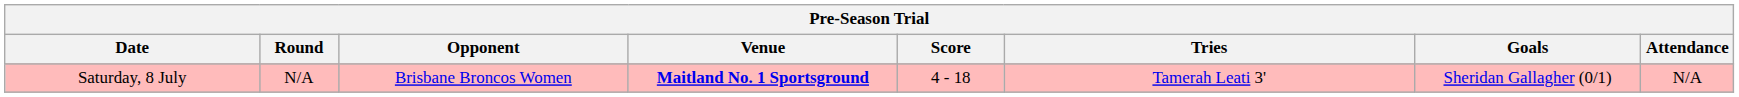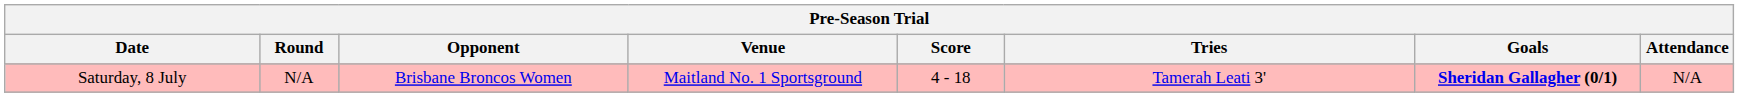 <table class="wikitable" style="font-size:75%; text-align:center;">
 <tr>
 <th colspan="8">Pre-Season Trial</th>
 </tr>
 <tr>
 <th width="175">Date</th>
 <th width="50">Round</th>
 <th width="200">Opponent</th>
 <th width="185">Venue</th>
 <th width="70">Score</th>
 <th width="285">Tries</th>
 <th width="155">Goals</th>
 <th width="60">Attendance</th>
 </tr>
 <tr bgcolor=#FFBBBB>
 <td>Saturday, 8 July</td>
 <td>N/A</td>
 <td> <a href='#'>Brisbane Broncos Women</a></td>
-<td><strong><a href='#'>Maitland No. 1 Sportsground</a></strong></td>
+<td><a href='#'>Maitland No. 1 Sportsground</a></td>
 <td>4 - 18</td>
 <td><a href='#'>Tamerah Leati</a> 3'</td>
-<td><a href='#'>Sheridan Gallagher</a> (0/1)</td>
+<td><strong><a href='#'>Sheridan Gallagher</a> (0/1)</strong></td>
 <td>N/A</td>
 </tr>
 </table>
